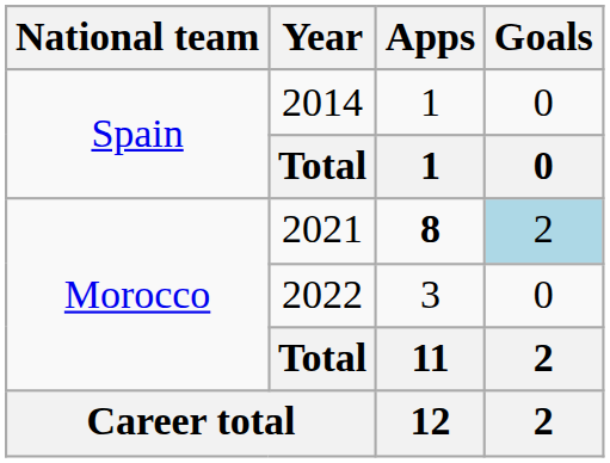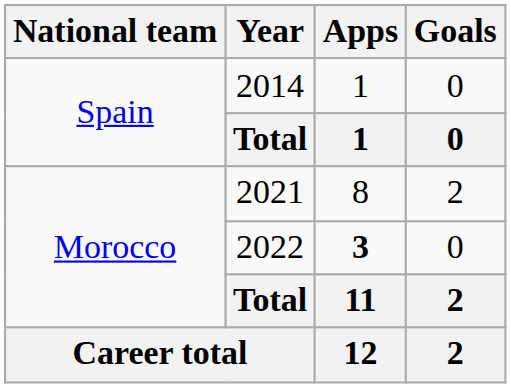 <table class="wikitable" style="text-align:center">
 <tr>
 <th>National team</th>
 <th>Year</th>
 <th>Apps</th>
 <th>Goals</th>
 </tr>
 <tr>
 <td rowspan="2"><a href='#'>Spain</a></td>
 <td>2014</td>
 <td>1</td>
 <td>0</td>
 </tr>
 <tr>
 <th>Total</th>
 <th>1</th>
 <th>0</th>
 </tr>
 <tr>
 <td rowspan="3"><a href='#'>Morocco</a></td>
 <td>2021</td>
-<td><strong>8</strong></td>
-<td style="background: lightblue;">2</td>
+<td>8</td>
+<td>2</td>
 </tr>
 <tr>
 <td>2022</td>
-<td>3</td>
+<td><strong>3</strong></td>
 <td>0</td>
 </tr>
 <tr>
 <th>Total</th>
 <th>11</th>
 <th>2</th>
 </tr>
 <tr>
 <th colspan="2">Career total</th>
 <th>12</th>
 <th>2</th>
 </tr>
 </table>
